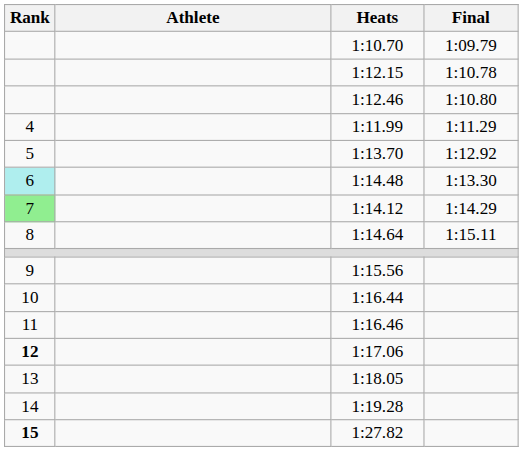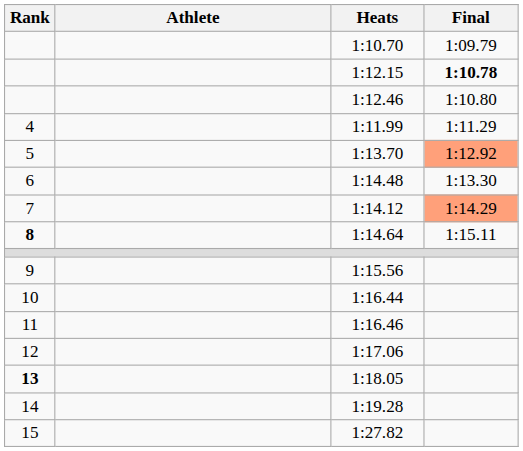 <table class=wikitable style="text-align:center">
 <tr>
 <th width=40>Rank</th>
 <th width=250>Athlete</th>
 <th width=80>Heats</th>
 <th width=80>Final</th>
 </tr>
 <tr>
 <td></td>
 <td align=left></td>
 <td>1:10.70</td>
 <td>1:09.79</td>
 </tr>
 <tr>
 <td></td>
 <td align=left></td>
 <td>1:12.15</td>
-<td>1:10.78</td>
+<td><strong>1:10.78</strong></td>
 </tr>
 <tr>
 <td></td>
 <td align=left></td>
 <td>1:12.46</td>
 <td>1:10.80</td>
 </tr>
 <tr>
 <td>4</td>
 <td align=left></td>
 <td>1:11.99</td>
 <td>1:11.29</td>
 </tr>
 <tr>
 <td>5</td>
 <td align=left></td>
 <td>1:13.70</td>
-<td>1:12.92</td>
+<td style="background: lightsalmon;">1:12.92</td>
 </tr>
 <tr>
-<td style="background: paleturquoise;">6</td>
+<td>6</td>
 <td align=left></td>
 <td>1:14.48</td>
 <td>1:13.30</td>
 </tr>
 <tr>
-<td style="background: lightgreen;">7</td>
+<td>7</td>
 <td align=left></td>
 <td>1:14.12</td>
-<td>1:14.29</td>
+<td style="background: lightsalmon;">1:14.29</td>
 </tr>
 <tr>
-<td>8</td>
+<td><strong>8</strong></td>
 <td align=left></td>
 <td>1:14.64</td>
 <td>1:15.11</td>
 </tr>
 <tr bgcolor=#DDDDDD>
 <td colspan=4></td>
 </tr>
 <tr>
 <td>9</td>
 <td align=left></td>
 <td>1:15.56</td>
 <td></td>
 </tr>
 <tr>
 <td>10</td>
 <td align=left></td>
 <td>1:16.44</td>
 <td></td>
 </tr>
 <tr>
 <td>11</td>
 <td align=left></td>
 <td>1:16.46</td>
 <td></td>
 </tr>
 <tr>
-<td><strong>12</strong></td>
+<td>12</td>
 <td align=left></td>
 <td>1:17.06</td>
 <td></td>
 </tr>
 <tr>
-<td>13</td>
+<td><strong>13</strong></td>
 <td align=left></td>
 <td>1:18.05</td>
 <td></td>
 </tr>
 <tr>
 <td>14</td>
 <td align=left></td>
 <td>1:19.28</td>
 <td></td>
 </tr>
 <tr>
-<td><strong>15</strong></td>
+<td>15</td>
 <td align=left></td>
 <td>1:27.82</td>
 <td></td>
 </tr>
 </table>
